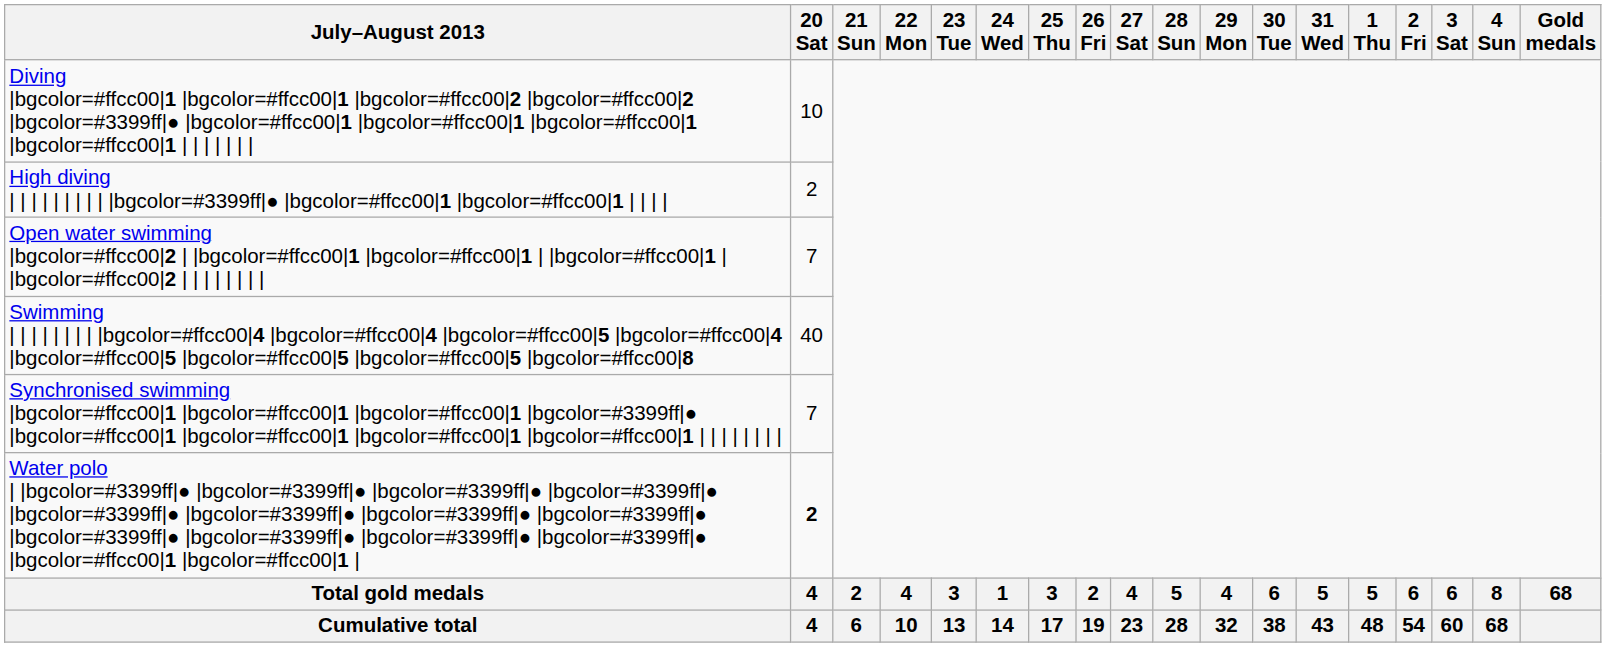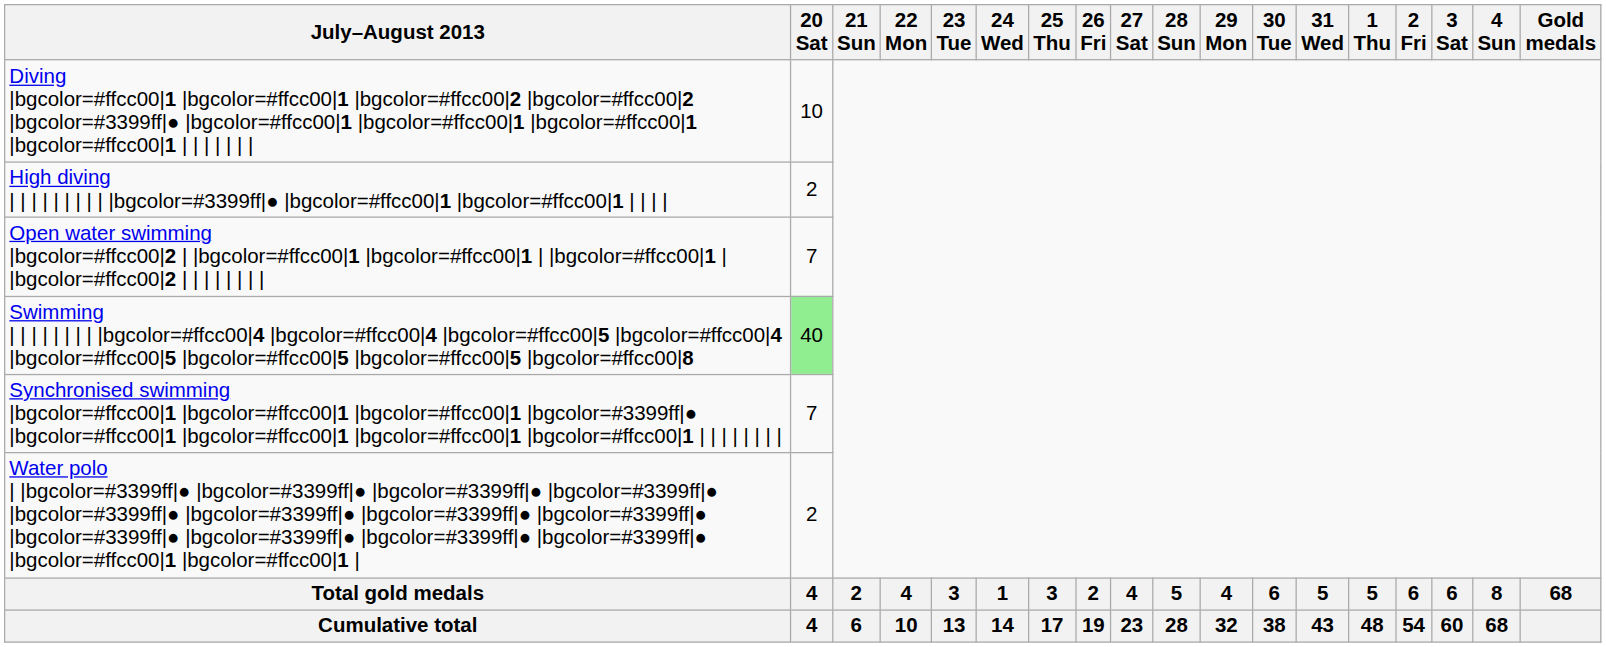 <table class="wikitable">
 <tr>
 <th>July–August 2013</th>
 <th>20<br>Sat</th>
 <th>21<br>Sun</th>
 <th>22<br>Mon</th>
 <th>23<br>Tue</th>
 <th>24<br>Wed</th>
 <th>25<br>Thu</th>
 <th>26<br>Fri</th>
 <th>27<br>Sat</th>
 <th>28<br>Sun</th>
 <th>29<br>Mon</th>
 <th>30<br>Tue</th>
 <th>31<br>Wed</th>
 <th>1<br>Thu</th>
 <th>2<br>Fri</th>
 <th>3<br>Sat</th>
 <th>4<br>Sun</th>
 <th>Gold<br>medals</th>
 </tr>
 <tr style="text-align:center;">
 <td align="left"> <a href='#'>Diving</a><br>|bgcolor=#ffcc00|<strong>1</strong> |bgcolor=#ffcc00|<strong>1</strong> |bgcolor=#ffcc00|<strong>2</strong> |bgcolor=#ffcc00|<strong>2</strong> |bgcolor=#3399ff|● |bgcolor=#ffcc00|<strong>1</strong> |bgcolor=#ffcc00|<strong>1</strong> |bgcolor=#ffcc00|<strong>1</strong> |bgcolor=#ffcc00|<strong>1</strong> | | | | | | |</td>
 <td>10</td>
 </tr>
 <tr style="text-align:center;">
 <td align="left"> <a href='#'>High diving</a><br>| | | | | | | | | |bgcolor=#3399ff|● |bgcolor=#ffcc00|<strong>1</strong> |bgcolor=#ffcc00|<strong>1</strong> | | | |</td>
 <td>2</td>
 </tr>
 <tr style="text-align:center;">
 <td align="left"> <a href='#'>Open water swimming</a><br>|bgcolor=#ffcc00|<strong>2</strong> | |bgcolor=#ffcc00|<strong>1</strong> |bgcolor=#ffcc00|<strong>1</strong> | |bgcolor=#ffcc00|<strong>1</strong> | |bgcolor=#ffcc00|<strong>2</strong> | | | | | | | |</td>
 <td>7</td>
 </tr>
 <tr style="text-align:center;">
 <td align="left"> <a href='#'>Swimming</a><br>| | | | | | | | |bgcolor=#ffcc00|<strong>4</strong> |bgcolor=#ffcc00|<strong>4</strong> |bgcolor=#ffcc00|<strong>5</strong> |bgcolor=#ffcc00|<strong>4</strong> |bgcolor=#ffcc00|<strong>5</strong> |bgcolor=#ffcc00|<strong>5</strong> |bgcolor=#ffcc00|<strong>5</strong> |bgcolor=#ffcc00|<strong>8</strong></td>
-<td>40</td>
+<td style="background: lightgreen;">40</td>
 </tr>
 <tr style="text-align:center;">
 <td align="left"> <a href='#'>Synchronised swimming</a><br>|bgcolor=#ffcc00|<strong>1</strong> |bgcolor=#ffcc00|<strong>1</strong> |bgcolor=#ffcc00|<strong>1</strong> |bgcolor=#3399ff|● |bgcolor=#ffcc00|<strong>1</strong> |bgcolor=#ffcc00|<strong>1</strong> |bgcolor=#ffcc00|<strong>1</strong> |bgcolor=#ffcc00|<strong>1</strong> | | | | | | | |</td>
 <td>7</td>
 </tr>
 <tr style="text-align:center;">
 <td align="left"> <a href='#'>Water polo</a><br>| |bgcolor=#3399ff|● |bgcolor=#3399ff|● |bgcolor=#3399ff|● |bgcolor=#3399ff|● |bgcolor=#3399ff|● |bgcolor=#3399ff|● |bgcolor=#3399ff|● |bgcolor=#3399ff|● |bgcolor=#3399ff|● |bgcolor=#3399ff|● |bgcolor=#3399ff|● |bgcolor=#3399ff|● |bgcolor=#ffcc00|<strong>1</strong> |bgcolor=#ffcc00|<strong>1</strong> |</td>
-<td><strong>2</strong></td>
+<td>2</td>
 </tr>
 <tr>
 <th>Total gold medals</th>
 <th>4</th>
 <th>2</th>
 <th>4</th>
 <th>3</th>
 <th>1</th>
 <th>3</th>
 <th>2</th>
 <th>4</th>
 <th>5</th>
 <th>4</th>
 <th>6</th>
 <th>5</th>
 <th>5</th>
 <th>6</th>
 <th>6</th>
 <th>8</th>
 <th>68</th>
 </tr>
 <tr>
 <th>Cumulative total</th>
 <th>4</th>
 <th>6</th>
 <th>10</th>
 <th>13</th>
 <th>14</th>
 <th>17</th>
 <th>19</th>
 <th>23</th>
 <th>28</th>
 <th>32</th>
 <th>38</th>
 <th>43</th>
 <th>48</th>
 <th>54</th>
 <th>60</th>
 <th>68</th>
 <th></th>
 </tr>
 </table>
